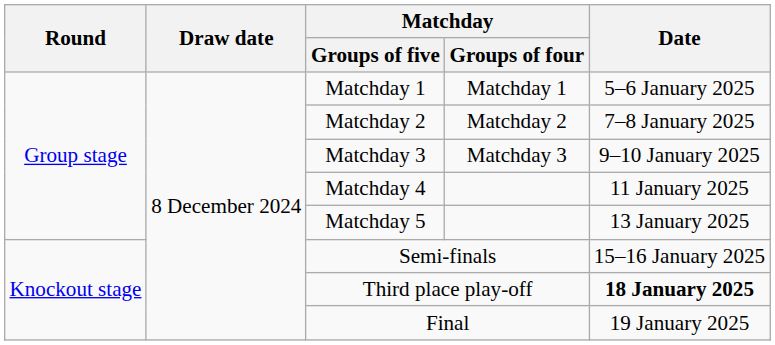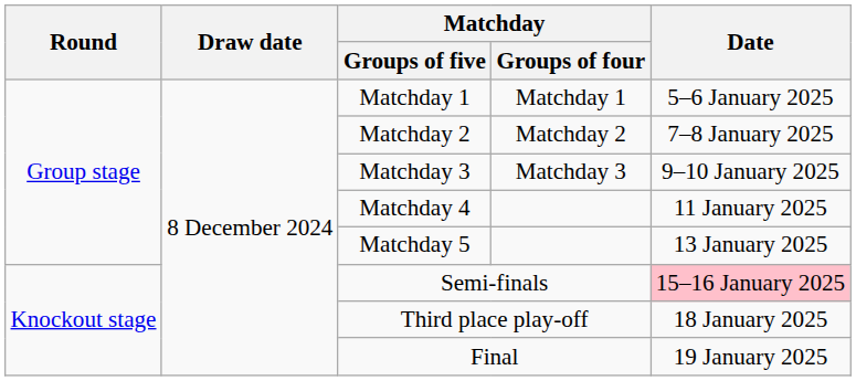 <table class="wikitable" style="text-align:center">
 <tr>
 <th rowspan="2">Round</th>
 <th rowspan="2">Draw date</th>
 <th colspan="2">Matchday</th>
 <th rowspan="2">Date</th>
 </tr>
 <tr>
 <th>Groups of five</th>
 <th>Groups of four</th>
 </tr>
 <tr>
 <td rowspan="5"><a href='#'>Group stage</a></td>
 <td rowspan="8">8 December 2024</td>
 <td>Matchday 1</td>
 <td>Matchday 1</td>
 <td>5–6 January 2025</td>
 </tr>
 <tr>
 <td>Matchday 2</td>
 <td>Matchday 2</td>
 <td>7–8 January 2025</td>
 </tr>
 <tr>
 <td>Matchday 3</td>
 <td>Matchday 3</td>
 <td>9–10 January 2025</td>
 </tr>
 <tr>
 <td>Matchday 4</td>
 <td></td>
 <td>11 January 2025</td>
 </tr>
 <tr>
 <td>Matchday 5</td>
 <td></td>
 <td>13 January 2025</td>
 </tr>
 <tr>
 <td rowspan="3"><a href='#'>Knockout stage</a></td>
 <td colspan="2">Semi-finals</td>
-<td>15–16 January 2025</td>
+<td style="background: pink;">15–16 January 2025</td>
 </tr>
 <tr>
 <td colspan="2">Third place play-off</td>
-<td><strong>18 January 2025</strong></td>
+<td>18 January 2025</td>
 </tr>
 <tr>
 <td colspan="2">Final</td>
 <td>19 January 2025</td>
 </tr>
 </table>
